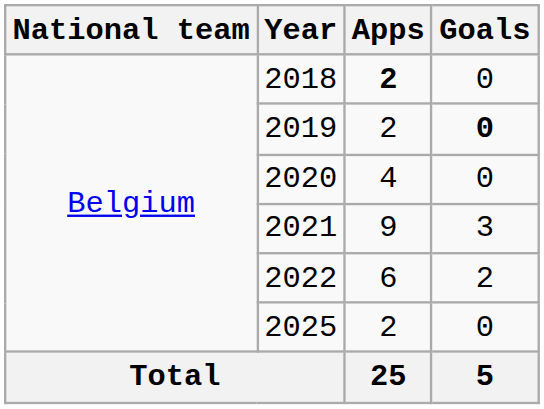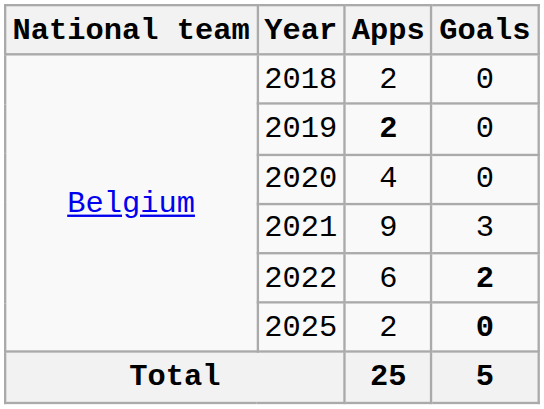 <table class=wikitable style=text-align:center>
 <tr>
 <th>National team</th>
 <th>Year</th>
 <th>Apps</th>
 <th>Goals</th>
 </tr>
 <tr>
 <td rowspan="6"><a href='#'>Belgium</a></td>
 <td>2018</td>
-<td><strong>2</strong></td>
+<td>2</td>
 <td>0</td>
 </tr>
 <tr>
 <td>2019</td>
-<td>2</td>
-<td><strong>0</strong></td>
+<td><strong>2</strong></td>
+<td>0</td>
 </tr>
 <tr>
 <td>2020</td>
 <td>4</td>
 <td>0</td>
 </tr>
 <tr>
 <td>2021</td>
 <td>9</td>
 <td>3</td>
 </tr>
 <tr>
 <td>2022</td>
 <td>6</td>
-<td>2</td>
+<td><strong>2</strong></td>
 </tr>
 <tr>
 <td>2025</td>
 <td>2</td>
-<td>0</td>
+<td><strong>0</strong></td>
 </tr>
 <tr>
 <th colspan="2">Total</th>
 <th>25</th>
 <th>5</th>
 </tr>
 </table>
